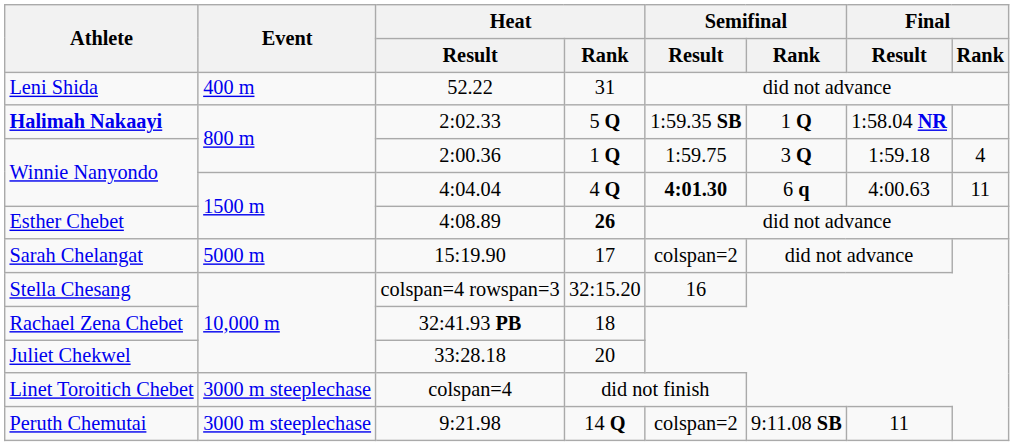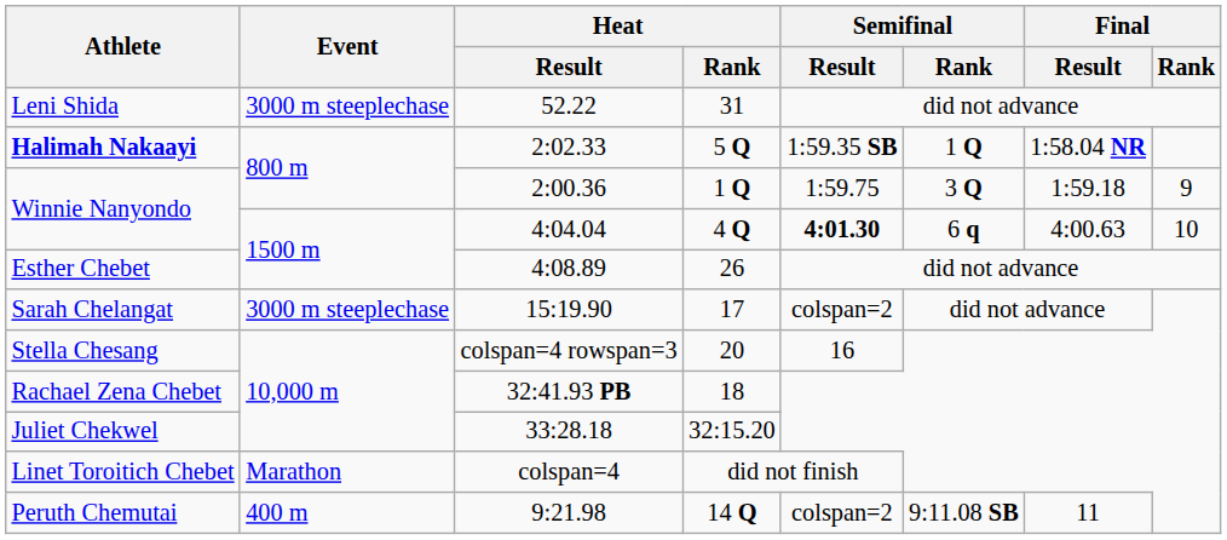 <table class="wikitable"  style=font-size:90%>
 <tr>
 <th rowspan="2">Athlete</th>
 <th rowspan="2">Event</th>
 <th colspan="2">Heat</th>
 <th colspan="2">Semifinal</th>
 <th colspan="2">Final</th>
 </tr>
 <tr>
 <th>Result</th>
 <th>Rank</th>
 <th>Result</th>
 <th>Rank</th>
 <th>Result</th>
 <th>Rank</th>
 </tr>
 <tr style=text-align:center>
 <td style=text-align:left><a href='#'>Leni Shida</a></td>
-<td style=text-align:left><a href='#'>400 m</a></td>
+<td style=text-align:left><a href='#'>3000 m steeplechase</a></td>
 <td>52.22</td>
 <td>31</td>
 <td colspan=4>did not advance</td>
 </tr>
 <tr style=text-align:center>
 <td style=text-align:left><strong><a href='#'>Halimah Nakaayi</a></strong></td>
 <td style=text-align:left rowspan=2><a href='#'>800 m</a></td>
 <td>2:02.33</td>
 <td>5 <strong>Q</strong></td>
 <td>1:59.35  <strong>SB</strong></td>
 <td>1  <strong>Q</strong></td>
 <td>1:58.04 <strong><a href='#'>NR</a></strong></td>
 <td></td>
 </tr>
 <tr style=text-align:center>
 <td style=text-align:left rowspan=2><a href='#'>Winnie Nanyondo</a></td>
 <td>2:00.36</td>
 <td>1 <strong>Q</strong></td>
 <td>1:59.75</td>
 <td>3 <strong>Q</strong></td>
 <td>1:59.18</td>
-<td>4</td>
+<td>9</td>
 </tr>
 <tr style=text-align:center>
 <td style=text-align:left rowspan=2><a href='#'>1500 m</a></td>
 <td>4:04.04</td>
 <td>4 <strong>Q</strong></td>
 <td><strong>4:01.30</strong></td>
 <td>6 <strong>q</strong></td>
 <td>4:00.63</td>
-<td>11</td>
+<td>10</td>
 </tr>
 <tr style=text-align:center>
 <td style=text-align:left><a href='#'>Esther Chebet</a></td>
 <td>4:08.89</td>
-<td><strong>26</strong></td>
+<td>26</td>
 <td colspan=4>did not advance</td>
 </tr>
 <tr style=text-align:center>
 <td style=text-align:left><a href='#'>Sarah Chelangat</a></td>
-<td style=text-align:left><a href='#'>5000 m</a></td>
+<td style=text-align:left><a href='#'>3000 m steeplechase</a></td>
 <td>15:19.90</td>
 <td>17</td>
 <td>colspan=2 </td>
 <td colspan=2>did not advance</td>
 </tr>
 <tr style=text-align:center>
 <td style=text-align:left><a href='#'>Stella Chesang</a></td>
 <td style=text-align:left rowspan=3><a href='#'>10,000 m</a></td>
 <td>colspan=4 rowspan=3</td>
-<td>32:15.20</td>
+<td>20</td>
 <td>16</td>
 </tr>
 <tr style=text-align:center>
 <td style=text-align:left><a href='#'>Rachael Zena Chebet</a></td>
 <td>32:41.93 <strong>PB</strong></td>
 <td>18</td>
 </tr>
 <tr style=text-align:center>
 <td style=text-align:left><a href='#'>Juliet Chekwel</a></td>
 <td>33:28.18</td>
-<td>20</td>
+<td>32:15.20</td>
 </tr>
 <tr style=text-align:center>
 <td style=text-align:left><a href='#'>Linet Toroitich Chebet</a></td>
-<td style=text-align:left><a href='#'>3000 m steeplechase</a></td>
+<td style=text-align:left><a href='#'>Marathon</a></td>
 <td>colspan=4 </td>
 <td colspan=2>did not finish</td>
 </tr>
 <tr style=text-align:center>
 <td style=text-align:left><a href='#'>Peruth Chemutai</a></td>
-<td style=text-align:left><a href='#'>3000 m steeplechase</a></td>
+<td style=text-align:left><a href='#'>400 m</a></td>
 <td>9:21.98</td>
 <td>14 <strong>Q</strong></td>
 <td>colspan=2 </td>
 <td>9:11.08 <strong>SB</strong></td>
 <td>11</td>
 </tr>
 </table>
